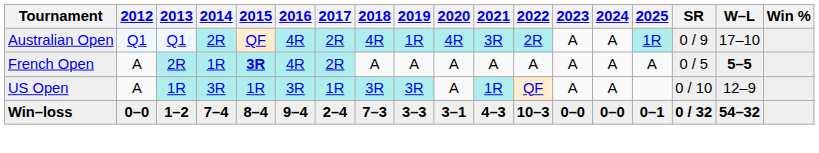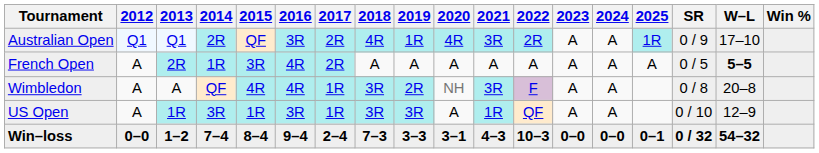 <table class="wikitable nowrap" style=text-align:center;font-size:97%>
 <tr>
 <th>Tournament</th>
 <th><a href='#'>2012</a></th>
 <th><a href='#'>2013</a></th>
 <th><a href='#'>2014</a></th>
 <th><a href='#'>2015</a></th>
 <th><a href='#'>2016</a></th>
 <th><a href='#'>2017</a></th>
 <th><a href='#'>2018</a></th>
 <th><a href='#'>2019</a></th>
 <th><a href='#'>2020</a></th>
 <th><a href='#'>2021</a></th>
 <th><a href='#'>2022</a></th>
 <th><a href='#'>2023</a></th>
 <th><a href='#'>2024</a></th>
 <th><a href='#'>2025</a></th>
 <th>SR</th>
 <th>W–L</th>
 <th>Win %</th>
 </tr>
 <tr>
 <td style="text-align:left; background:#efefef;"><a href='#'>Australian Open</a></td>
 <td style=background:#f0f8ff><a href='#'>Q1</a></td>
 <td style=background:#f0f8ff><a href='#'>Q1</a></td>
 <td style=background:#afeeee><a href='#'>2R</a></td>
 <td style=background:#ffebcd><a href='#'>QF</a></td>
-<td style=background:#afeeee><a href='#'>4R</a></td>
+<td style=background:#afeeee><a href='#'>3R</a></td>
 <td style=background:#afeeee><a href='#'>2R</a></td>
 <td style=background:#afeeee><a href='#'>4R</a></td>
 <td style=background:#afeeee><a href='#'>1R</a></td>
 <td style=background:#afeeee><a href='#'>4R</a></td>
 <td style=background:#afeeee><a href='#'>3R</a></td>
 <td style=background:#afeeee><a href='#'>2R</a></td>
 <td>A</td>
 <td>A</td>
 <td style=background:#afeeee><a href='#'>1R</a></td>
 <td style=background:#efefef>0 / 9</td>
 <td style=background:#efefef>17–10</td>
 <td style=background:#efefef></td>
 </tr>
 <tr>
 <td style="text-align:left; background:#efefef;"><a href='#'>French Open</a></td>
 <td>A</td>
 <td style=background:#afeeee><a href='#'>2R</a></td>
 <td style=background:#afeeee><a href='#'>1R</a></td>
-<td style=background:#afeeee><strong><a href='#'>3R</a></strong></td>
+<td style=background:#afeeee><a href='#'>3R</a></td>
 <td style=background:#afeeee><a href='#'>4R</a></td>
 <td style=background:#afeeee><a href='#'>2R</a></td>
 <td>A</td>
 <td>A</td>
 <td>A</td>
 <td>A</td>
 <td>A</td>
 <td>A</td>
 <td>A</td>
 <td>A</td>
 <td style=background:#efefef>0 / 5</td>
 <td style=background:#efefef><strong>5–5</strong></td>
+<td style=background:#efefef></td>
+</tr>
+<tr>
+<td style="text-align:left; background:#efefef;"><a href='#'>Wimbledon</a></td>
+<td>A</td>
+<td>A</td>
+<td style=background:#ffebcd><a href='#'>QF</a></td>
+<td style=background:#afeeee><a href='#'>4R</a></td>
+<td style=background:#afeeee><a href='#'>4R</a></td>
+<td style=background:#afeeee><a href='#'>1R</a></td>
+<td style=background:#afeeee><a href='#'>3R</a></td>
+<td style=background:#afeeee><a href='#'>2R</a></td>
+<td style=color:#767676>NH</td>
+<td style=background:#afeeee><a href='#'>3R</a></td>
+<td style=background:thistle><a href='#'>F</a></td>
+<td>A</td>
+<td>A</td>
+<td></td>
+<td style=background:#efefef>0 / 8</td>
+<td style=background:#efefef>20–8</td>
 <td style=background:#efefef></td>
 </tr>
 <tr>
 <td style="text-align:left; background:#efefef;"><a href='#'>US Open</a></td>
 <td>A</td>
 <td style=background:#afeeee><a href='#'>1R</a></td>
 <td style=background:#afeeee><a href='#'>3R</a></td>
 <td style=background:#afeeee><a href='#'>1R</a></td>
 <td style=background:#afeeee><a href='#'>3R</a></td>
 <td style=background:#afeeee><a href='#'>1R</a></td>
 <td style=background:#afeeee><a href='#'>3R</a></td>
 <td style=background:#afeeee><a href='#'>3R</a></td>
 <td>A</td>
 <td style=background:#afeeee><a href='#'>1R</a></td>
 <td style=background:#ffebcd><a href='#'>QF</a></td>
 <td>A</td>
 <td>A</td>
 <td></td>
 <td style=background:#efefef>0 / 10</td>
 <td style=background:#efefef>12–9</td>
 <td style=background:#efefef></td>
 </tr>
 <tr style="font-weight:bold;background:#efefef">
 <td style=text-align:left>Win–loss</td>
 <td>0–0</td>
 <td>1–2</td>
 <td>7–4</td>
 <td>8–4</td>
 <td>9–4</td>
 <td>2–4</td>
 <td>7–3</td>
 <td>3–3</td>
 <td>3–1</td>
 <td>4–3</td>
 <td>10–3</td>
 <td>0–0</td>
 <td>0–0</td>
 <td>0–1</td>
 <td>0 / 32</td>
 <td>54–32</td>
 <td style=background:#efefef></td>
 </tr>
 </table>
